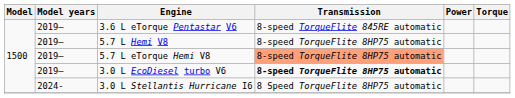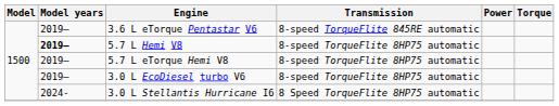 <table class="wikitable" style="font-size:90%;">
 <tr>
 <th>Model</th>
 <th>Model years</th>
 <th>Engine</th>
 <th>Transmission</th>
 <th>Power</th>
 <th>Torque</th>
 </tr>
 <tr>
 <td rowspan="5">1500</td>
 <td>2019–</td>
 <td>3.6 L eTorque <em><a href='#'>Pentastar</a></em> <a href='#'>V6</a></td>
 <td>8-speed <em><a href='#'>TorqueFlite</a> 845RE</em> automatic</td>
 <td></td>
 <td></td>
 </tr>
 <tr>
-<td>2019–</td>
+<td><strong>2019–</strong></td>
 <td>5.7 L <em><a href='#'>Hemi</a></em> <a href='#'>V8</a></td>
 <td>8-speed <em>TorqueFlite 8HP75</em> automatic</td>
 <td></td>
 <td></td>
 </tr>
 <tr>
 <td>2019–</td>
 <td>5.7 L eTorque <em>Hemi</em> V8</td>
-<td style="background: lightsalmon;">8-speed <em>TorqueFlite 8HP75</em> automatic</td>
+<td>8-speed <em>TorqueFlite 8HP75</em> automatic</td>
 <td></td>
 <td></td>
 </tr>
 <tr>
 <td>2019–</td>
 <td>3.0 L <em><a href='#'>EcoDiesel</a></em> <a href='#'>turbo</a> V6</td>
-<td><strong>8-speed <em>TorqueFlite 8HP75</em> automatic</strong></td>
+<td>8-speed <em>TorqueFlite 8HP75</em> automatic</td>
 <td></td>
 <td></td>
 </tr>
 <tr>
 <td>2024-</td>
 <td>3.0 L <em>Stellantis Hurricane</em> I6</td>
 <td>8 Speed <em>TorqueFlite 8HP75</em> automatic</td>
 <td></td>
 <td></td>
 </tr>
 <tr>
 </tr>
 </table>
